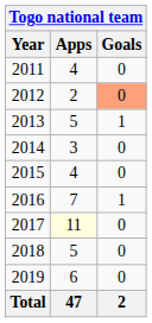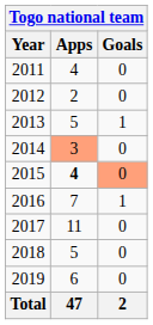 <table class="wikitable" style="text-align:center">
 <tr>
 <th colspan=3><a href='#'>Togo national team</a></th>
 </tr>
 <tr>
 <th>Year</th>
 <th>Apps</th>
 <th>Goals</th>
 </tr>
 <tr>
 <td>2011</td>
 <td>4</td>
 <td>0</td>
 </tr>
 <tr>
 <td>2012</td>
 <td>2</td>
-<td style="background: lightsalmon;">0</td>
+<td>0</td>
 </tr>
 <tr>
 <td>2013</td>
 <td>5</td>
 <td>1 </td>
 </tr>
 <tr>
 <td>2014</td>
-<td>3</td>
+<td style="background: lightsalmon;">3</td>
 <td>0</td>
 </tr>
 <tr>
 <td>2015</td>
-<td>4</td>
-<td>0</td>
+<td><strong>4</strong></td>
+<td style="background: lightsalmon;">0</td>
 </tr>
 <tr>
 <td>2016</td>
 <td>7</td>
 <td>1</td>
 </tr>
 <tr>
 <td>2017</td>
-<td style="background: lightyellow;">11</td>
+<td>11</td>
 <td>0</td>
 </tr>
 <tr>
 <td>2018</td>
 <td>5</td>
 <td>0</td>
 </tr>
 <tr>
 <td>2019</td>
 <td>6</td>
 <td>0</td>
 </tr>
 <tr>
 <th>Total</th>
 <th>47</th>
 <th>2</th>
 </tr>
 </table>
